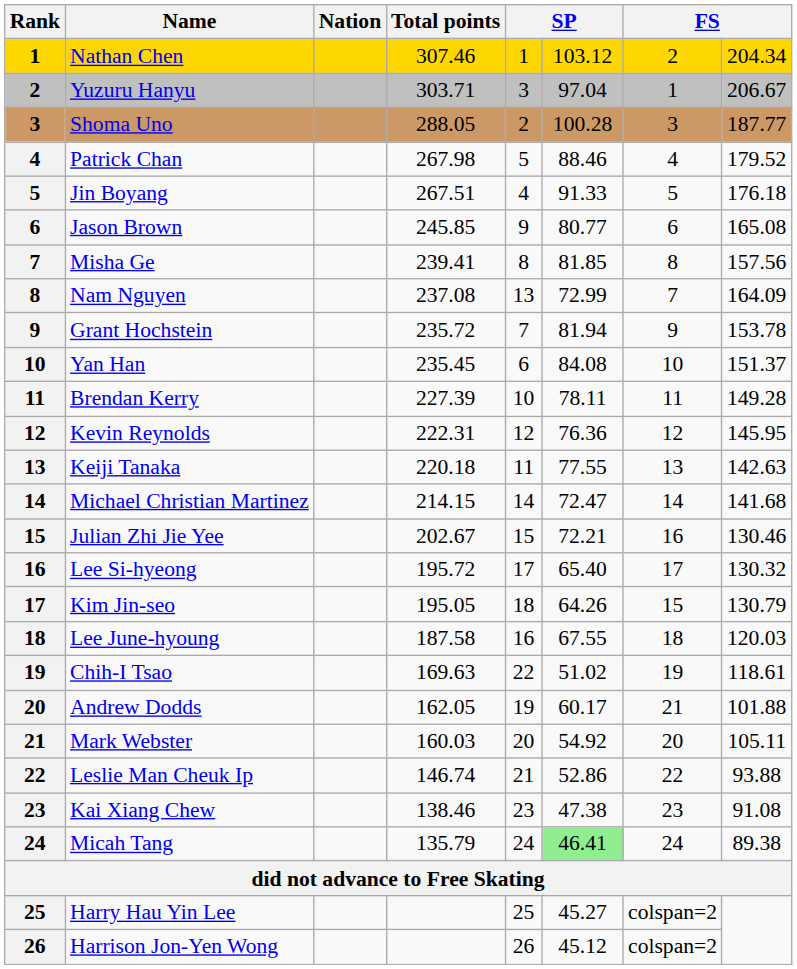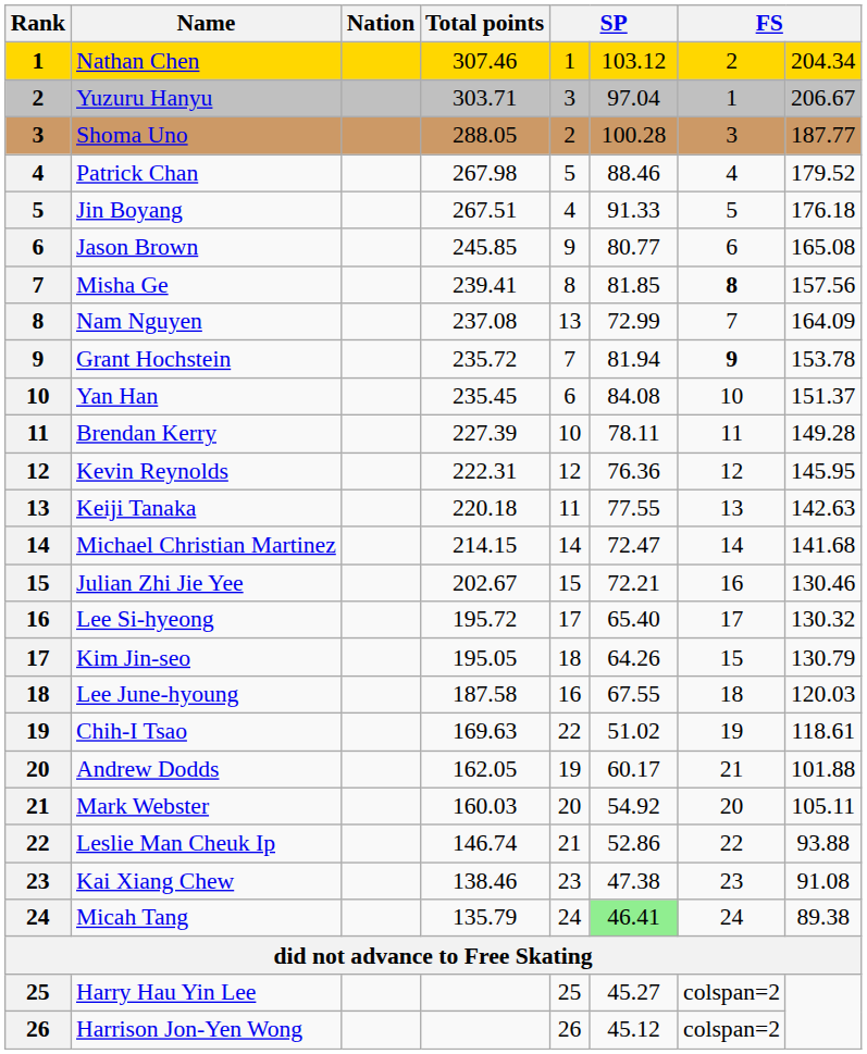 <table class="wikitable sortable">
 <tr>
 <th>Rank</th>
 <th>Name</th>
 <th>Nation</th>
 <th>Total points</th>
 <th colspan="2" width="80px"><a href='#'>SP</a></th>
 <th colspan="2" width="80px"><a href='#'>FS</a></th>
 </tr>
 <tr bgcolor="gold">
 <td align="center"><strong>1</strong></td>
 <td><a href='#'>Nathan Chen</a></td>
 <td></td>
 <td align="center">307.46</td>
 <td align="center">1</td>
 <td align="center">103.12</td>
 <td align="center">2</td>
 <td align="center">204.34</td>
 </tr>
 <tr bgcolor="silver">
 <td align="center"><strong>2</strong></td>
 <td><a href='#'>Yuzuru Hanyu</a></td>
 <td></td>
 <td align="center">303.71</td>
 <td align="center">3</td>
 <td align="center">97.04</td>
 <td align="center">1</td>
 <td align="center">206.67</td>
 </tr>
 <tr bgcolor="cc9966">
 <td align="center"><strong>3</strong></td>
 <td><a href='#'>Shoma Uno</a></td>
 <td></td>
 <td align="center">288.05</td>
 <td align="center">2</td>
 <td align="center">100.28</td>
 <td align="center">3</td>
 <td align="center">187.77</td>
 </tr>
 <tr>
 <th>4</th>
 <td><a href='#'>Patrick Chan</a></td>
 <td></td>
 <td align="center">267.98</td>
 <td align="center">5</td>
 <td align="center">88.46</td>
 <td align="center">4</td>
 <td align="center">179.52</td>
 </tr>
 <tr>
 <th>5</th>
 <td><a href='#'>Jin Boyang</a></td>
 <td></td>
 <td align="center">267.51</td>
 <td align="center">4</td>
 <td align="center">91.33</td>
 <td align="center">5</td>
 <td align="center">176.18</td>
 </tr>
 <tr>
 <th>6</th>
 <td><a href='#'>Jason Brown</a></td>
 <td></td>
 <td align="center">245.85</td>
 <td align="center">9</td>
 <td align="center">80.77</td>
 <td align="center">6</td>
 <td align="center">165.08</td>
 </tr>
 <tr>
 <th>7</th>
 <td><a href='#'>Misha Ge</a></td>
 <td></td>
 <td align="center">239.41</td>
 <td align="center">8</td>
 <td align="center">81.85</td>
-<td align="center">8</td>
+<td align="center"><strong>8</strong></td>
 <td align="center">157.56</td>
 </tr>
 <tr>
 <th>8</th>
 <td><a href='#'>Nam Nguyen</a></td>
 <td></td>
 <td align="center">237.08</td>
 <td align="center">13</td>
 <td align="center">72.99</td>
 <td align="center">7</td>
 <td align="center">164.09</td>
 </tr>
 <tr>
 <th>9</th>
 <td><a href='#'>Grant Hochstein</a></td>
 <td></td>
 <td align="center">235.72</td>
 <td align="center">7</td>
 <td align="center">81.94</td>
-<td align="center">9</td>
+<td align="center"><strong>9</strong></td>
 <td align="center">153.78</td>
 </tr>
 <tr>
 <th>10</th>
 <td><a href='#'>Yan Han</a></td>
 <td></td>
 <td align="center">235.45</td>
 <td align="center">6</td>
 <td align="center">84.08</td>
 <td align="center">10</td>
 <td align="center">151.37</td>
 </tr>
 <tr>
 <th>11</th>
 <td><a href='#'>Brendan Kerry</a></td>
 <td></td>
 <td align="center">227.39</td>
 <td align="center">10</td>
 <td align="center">78.11</td>
 <td align="center">11</td>
 <td align="center">149.28</td>
 </tr>
 <tr>
 <th>12</th>
 <td><a href='#'>Kevin Reynolds</a></td>
 <td></td>
 <td align="center">222.31</td>
 <td align="center">12</td>
 <td align="center">76.36</td>
 <td align="center">12</td>
 <td align="center">145.95</td>
 </tr>
 <tr>
 <th>13</th>
 <td><a href='#'>Keiji Tanaka</a></td>
 <td></td>
 <td align="center">220.18</td>
 <td align="center">11</td>
 <td align="center">77.55</td>
 <td align="center">13</td>
 <td align="center">142.63</td>
 </tr>
 <tr>
 <th>14</th>
 <td><a href='#'>Michael Christian Martinez</a></td>
 <td></td>
 <td align="center">214.15</td>
 <td align="center">14</td>
 <td align="center">72.47</td>
 <td align="center">14</td>
 <td align="center">141.68</td>
 </tr>
 <tr>
 <th>15</th>
 <td><a href='#'>Julian Zhi Jie Yee</a></td>
 <td></td>
 <td align="center">202.67</td>
 <td align="center">15</td>
 <td align="center">72.21</td>
 <td align="center">16</td>
 <td align="center">130.46</td>
 </tr>
 <tr>
 <th>16</th>
 <td><a href='#'>Lee Si-hyeong</a></td>
 <td></td>
 <td align="center">195.72</td>
 <td align="center">17</td>
 <td align="center">65.40</td>
 <td align="center">17</td>
 <td align="center">130.32</td>
 </tr>
 <tr>
 <th>17</th>
 <td><a href='#'>Kim Jin-seo</a></td>
 <td></td>
 <td align="center">195.05</td>
 <td align="center">18</td>
 <td align="center">64.26</td>
 <td align="center">15</td>
 <td align="center">130.79</td>
 </tr>
 <tr>
 <th>18</th>
 <td><a href='#'>Lee June-hyoung</a></td>
 <td></td>
 <td align="center">187.58</td>
 <td align="center">16</td>
 <td align="center">67.55</td>
 <td align="center">18</td>
 <td align="center">120.03</td>
 </tr>
 <tr>
 <th>19</th>
 <td><a href='#'>Chih-I Tsao</a></td>
 <td></td>
 <td align="center">169.63</td>
 <td align="center">22</td>
 <td align="center">51.02</td>
 <td align="center">19</td>
 <td align="center">118.61</td>
 </tr>
 <tr>
 <th>20</th>
 <td><a href='#'>Andrew Dodds</a></td>
 <td></td>
 <td align="center">162.05</td>
 <td align="center">19</td>
 <td align="center">60.17</td>
 <td align="center">21</td>
 <td align="center">101.88</td>
 </tr>
 <tr>
 <th>21</th>
 <td><a href='#'>Mark Webster</a></td>
 <td></td>
 <td align="center">160.03</td>
 <td align="center">20</td>
 <td align="center">54.92</td>
 <td align="center">20</td>
 <td align="center">105.11</td>
 </tr>
 <tr>
 <th>22</th>
 <td><a href='#'>Leslie Man Cheuk Ip</a></td>
 <td></td>
 <td align="center">146.74</td>
 <td align="center">21</td>
 <td align="center">52.86</td>
 <td align="center">22</td>
 <td align="center">93.88</td>
 </tr>
 <tr>
 <th>23</th>
 <td><a href='#'>Kai Xiang Chew</a></td>
 <td></td>
 <td align="center">138.46</td>
 <td align="center">23</td>
 <td align="center">47.38</td>
 <td align="center">23</td>
 <td align="center">91.08</td>
 </tr>
 <tr>
 <th>24</th>
 <td><a href='#'>Micah Tang</a></td>
 <td></td>
 <td align="center">135.79</td>
 <td align="center">24</td>
 <td align="center" style="background: lightgreen;">46.41</td>
 <td align="center">24</td>
 <td align="center">89.38</td>
 </tr>
 <tr>
 <th colspan=8>did not advance to Free Skating</th>
 </tr>
 <tr>
 <th>25</th>
 <td><a href='#'>Harry Hau Yin Lee</a></td>
 <td></td>
 <td></td>
 <td align="center">25</td>
 <td align="center">45.27</td>
 <td>colspan=2 </td>
 </tr>
 <tr>
 <th>26</th>
 <td><a href='#'>Harrison Jon-Yen Wong</a></td>
 <td></td>
 <td></td>
 <td align="center">26</td>
 <td align="center">45.12</td>
 <td>colspan=2 </td>
 </tr>
 </table>
